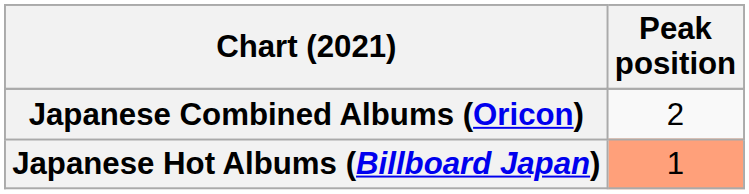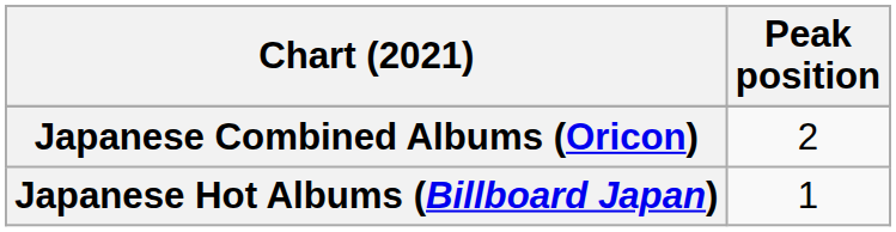 <table class="wikitable sortable plainrowheaders" style="text-align:center">
 <tr>
 <th scope="col">Chart (2021)</th>
 <th scope="col">Peak<br>position</th>
 </tr>
 <tr>
 </tr>
 <tr>
 <th scope="row">Japanese Combined Albums (<a href='#'>Oricon</a>)</th>
 <td>2</td>
 </tr>
 <tr>
 <th scope="row">Japanese Hot Albums (<em><a href='#'>Billboard Japan</a></em>)</th>
-<td style="background: lightsalmon;">1</td>
+<td>1</td>
 </tr>
 </table>
